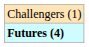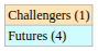 <table class="wikitable">
 <tr bgcolor="moccasin">
 <td>Challengers (1)</td>
 </tr>
 <tr bgcolor="CFFCFF">
-<td><strong>Futures (4)</strong></td>
+<td>Futures (4)</td>
 </tr>
 </table>
